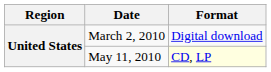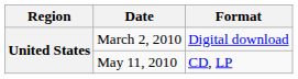 <table class="wikitable plainrowheaders">
 <tr>
 <th scope="col">Region</th>
 <th scope="col">Date</th>
 <th scope="col">Format</th>
 </tr>
 <tr>
 <th scope="row" rowspan="2">United States</th>
 <td>March 2, 2010</td>
 <td><a href='#'>Digital download</a></td>
 </tr>
 <tr>
 <td>May 11, 2010</td>
-<td style="background: lightyellow;"><a href='#'>CD</a>, <a href='#'>LP</a></td>
+<td><a href='#'>CD</a>, <a href='#'>LP</a></td>
 </tr>
 </table>
